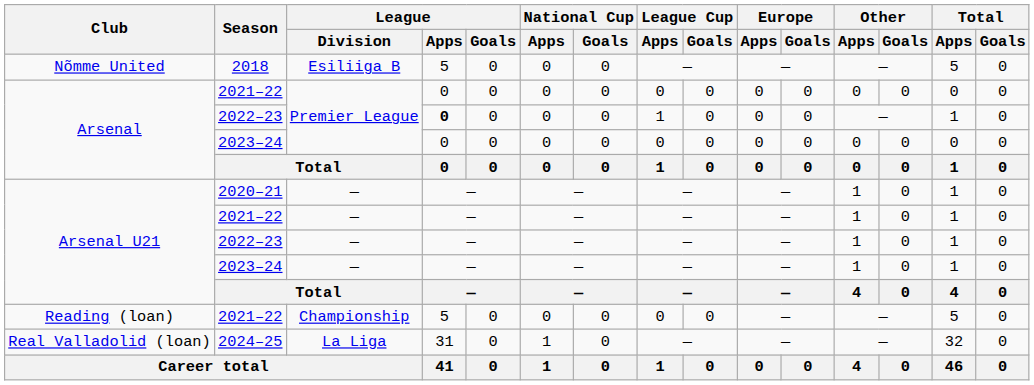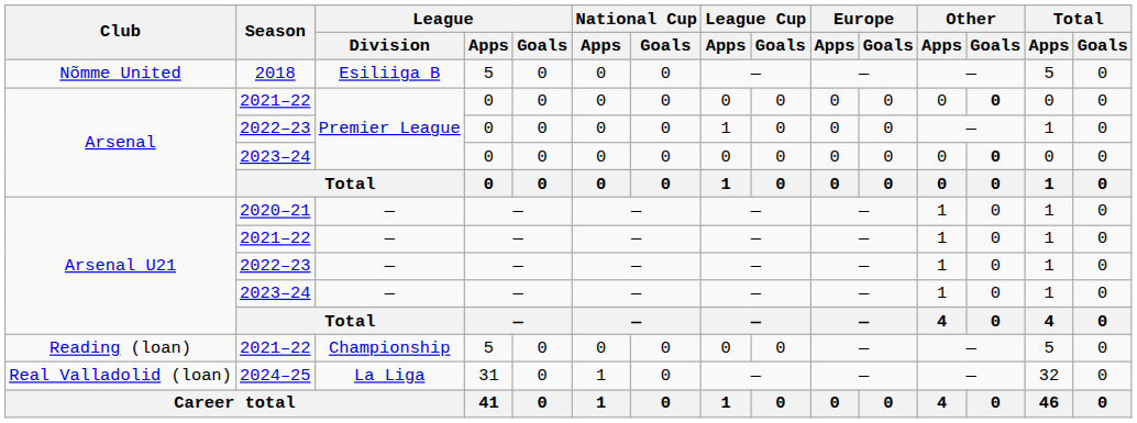 <table class="wikitable" style="text-align:center">
 <tr>
 <th rowspan="2">Club</th>
 <th rowspan="2">Season</th>
 <th colspan="3">League</th>
 <th colspan="2">National Cup</th>
 <th colspan="2">League Cup</th>
 <th colspan="2">Europe</th>
 <th colspan="2">Other</th>
 <th colspan="2">Total</th>
 </tr>
 <tr>
 <th>Division</th>
 <th>Apps</th>
 <th>Goals</th>
 <th>Apps</th>
 <th>Goals</th>
 <th>Apps</th>
 <th>Goals</th>
 <th>Apps</th>
 <th>Goals</th>
 <th>Apps</th>
 <th>Goals</th>
 <th>Apps</th>
 <th>Goals</th>
 </tr>
 <tr>
 <td><a href='#'>Nõmme United</a></td>
 <td><a href='#'>2018</a></td>
 <td><a href='#'>Esiliiga B</a></td>
 <td>5</td>
 <td>0</td>
 <td>0</td>
 <td>0</td>
 <td colspan="2">—</td>
 <td colspan="2">—</td>
 <td colspan="2">—</td>
 <td>5</td>
 <td>0</td>
 </tr>
 <tr>
 <td rowspan="4"><a href='#'>Arsenal</a></td>
 <td><a href='#'>2021–22</a></td>
 <td rowspan="3"><a href='#'>Premier League</a></td>
 <td>0</td>
 <td>0</td>
 <td>0</td>
 <td>0</td>
 <td>0</td>
 <td>0</td>
 <td>0</td>
 <td>0</td>
 <td>0</td>
-<td>0</td>
+<td><strong>0</strong></td>
 <td>0</td>
 <td>0</td>
 </tr>
 <tr>
 <td><a href='#'>2022–23</a></td>
-<td><strong>0</strong></td>
+<td>0</td>
 <td>0</td>
 <td>0</td>
 <td>0</td>
 <td>1</td>
 <td>0</td>
 <td>0</td>
 <td>0</td>
 <td colspan="2">—</td>
 <td>1</td>
 <td>0</td>
 </tr>
 <tr>
 <td><a href='#'>2023–24</a></td>
 <td>0</td>
 <td>0</td>
 <td>0</td>
 <td>0</td>
 <td>0</td>
 <td>0</td>
 <td>0</td>
 <td>0</td>
 <td>0</td>
-<td>0</td>
+<td><strong>0</strong></td>
 <td>0</td>
 <td>0</td>
 </tr>
 <tr>
 <th colspan="2">Total</th>
 <th>0</th>
 <th>0</th>
 <th>0</th>
 <th>0</th>
 <th>1</th>
 <th>0</th>
 <th>0</th>
 <th>0</th>
 <th>0</th>
 <th>0</th>
 <th>1</th>
 <th>0</th>
 </tr>
 <tr>
 <td rowspan="5"><a href='#'>Arsenal U21</a></td>
 <td><a href='#'>2020–21</a></td>
 <td>—</td>
 <td colspan="2">—</td>
 <td colspan="2">—</td>
 <td colspan="2">—</td>
 <td colspan="2">—</td>
 <td>1</td>
 <td>0</td>
 <td>1</td>
 <td>0</td>
 </tr>
 <tr>
 <td><a href='#'>2021–22</a></td>
 <td>—</td>
 <td colspan="2">—</td>
 <td colspan="2">—</td>
 <td colspan="2">—</td>
 <td colspan="2">—</td>
 <td>1</td>
 <td>0</td>
 <td>1</td>
 <td>0</td>
 </tr>
 <tr>
 <td><a href='#'>2022–23</a></td>
 <td>—</td>
 <td colspan="2">—</td>
 <td colspan="2">—</td>
 <td colspan="2">—</td>
 <td colspan="2">—</td>
 <td>1</td>
 <td>0</td>
 <td>1</td>
 <td>0</td>
 </tr>
 <tr>
 <td><a href='#'>2023–24</a></td>
 <td>—</td>
 <td colspan="2">—</td>
 <td colspan="2">—</td>
 <td colspan="2">—</td>
 <td colspan="2">—</td>
 <td>1</td>
 <td>0</td>
 <td>1</td>
 <td>0</td>
 </tr>
 <tr>
 <th colspan="2">Total</th>
 <th colspan="2">—</th>
 <th colspan="2">—</th>
 <th colspan="2">—</th>
 <th colspan="2">—</th>
 <th>4</th>
 <th>0</th>
 <th>4</th>
 <th>0</th>
 </tr>
 <tr>
 <td><a href='#'>Reading</a> (loan)</td>
 <td><a href='#'>2021–22</a></td>
 <td><a href='#'>Championship</a></td>
 <td>5</td>
 <td>0</td>
 <td>0</td>
 <td>0</td>
 <td>0</td>
 <td>0</td>
 <td colspan="2">—</td>
 <td colspan="2">—</td>
 <td>5</td>
 <td>0</td>
 </tr>
 <tr>
 <td><a href='#'>Real Valladolid</a> (loan)</td>
 <td><a href='#'>2024–25</a></td>
 <td><a href='#'>La Liga</a></td>
 <td>31</td>
 <td>0</td>
 <td>1</td>
 <td>0</td>
 <td colspan="2">—</td>
 <td colspan="2">—</td>
 <td colspan="2">—</td>
 <td>32</td>
 <td>0</td>
 </tr>
 <tr>
 <th colspan="3">Career total</th>
 <th>41</th>
 <th>0</th>
 <th>1</th>
 <th>0</th>
 <th>1</th>
 <th>0</th>
 <th>0</th>
 <th>0</th>
 <th>4</th>
 <th>0</th>
 <th>46</th>
 <th>0</th>
 </tr>
 </table>
